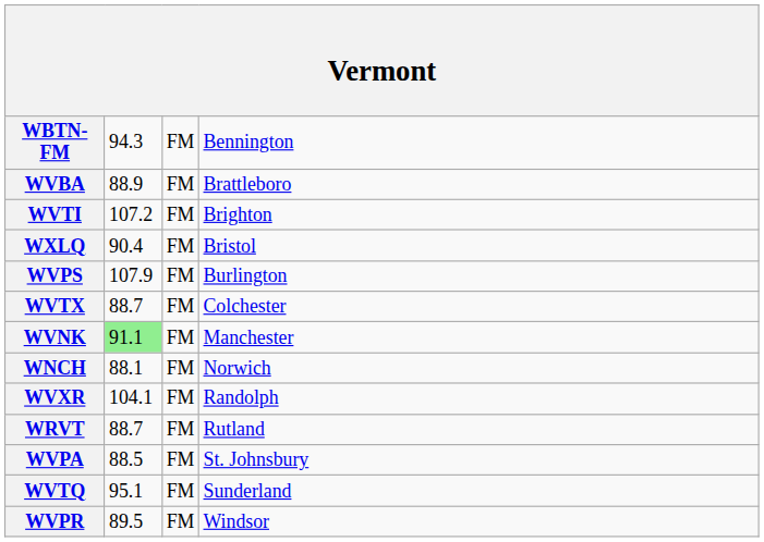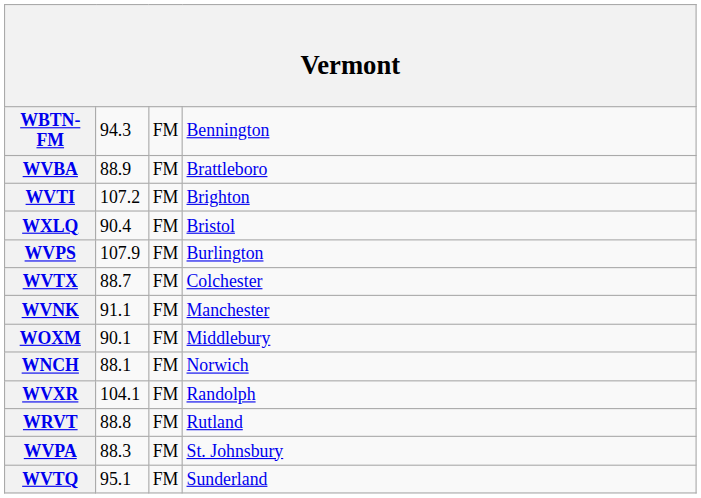 <table class="wikitable mw-collapsible" style="width:100%">
 <tr>
 <th scope="col" colspan="4"><br><h2>Vermont</h2></th>
 </tr>
 <tr>
 <th scope="row" style="width: 75px;"><a href='#'>WBTN-FM</a></th>
 <td style="width: 40px;">94.3</td>
 <td style="width: 21px;">FM</td>
 <td><a href='#'>Bennington</a></td>
 </tr>
 <tr>
 <th scope="row"><a href='#'>WVBA</a></th>
 <td>88.9</td>
 <td>FM</td>
 <td><a href='#'>Brattleboro</a></td>
 </tr>
 <tr>
 <th scope="row"><a href='#'>WVTI</a></th>
 <td>107.2</td>
 <td>FM</td>
 <td><a href='#'>Brighton</a></td>
 </tr>
 <tr>
 <th scope="row"><a href='#'>WXLQ</a></th>
 <td>90.4</td>
 <td>FM</td>
 <td><a href='#'>Bristol</a></td>
 </tr>
 <tr>
 <th scope="row"><a href='#'>WVPS</a></th>
 <td>107.9</td>
 <td>FM</td>
 <td><a href='#'>Burlington</a></td>
 </tr>
 <tr>
 <th scope="row"><a href='#'>WVTX</a></th>
 <td>88.7</td>
 <td>FM</td>
 <td><a href='#'>Colchester</a></td>
 </tr>
 <tr>
 <th scope="row"><a href='#'>WVNK</a></th>
-<td style="background: lightgreen;">91.1</td>
+<td>91.1</td>
 <td>FM</td>
 <td><a href='#'>Manchester</a></td>
+</tr>
+<tr>
+<th scope="row"><a href='#'>WOXM</a></th>
+<td>90.1</td>
+<td>FM</td>
+<td><a href='#'>Middlebury</a></td>
 </tr>
 <tr>
 <th scope="row"><a href='#'>WNCH</a></th>
 <td>88.1</td>
 <td>FM</td>
 <td><a href='#'>Norwich</a></td>
 </tr>
 <tr>
 <th scope="row"><a href='#'>WVXR</a></th>
 <td>104.1</td>
 <td>FM</td>
 <td><a href='#'>Randolph</a></td>
 </tr>
 <tr>
 <th scope="row"><a href='#'>WRVT</a></th>
-<td>88.7</td>
+<td>88.8</td>
 <td>FM</td>
 <td><a href='#'>Rutland</a></td>
 </tr>
 <tr>
 <th scope="row"><a href='#'>WVPA</a></th>
-<td>88.5</td>
+<td>88.3</td>
 <td>FM</td>
 <td><a href='#'>St. Johnsbury</a></td>
 </tr>
 <tr>
 <th scope="row"><a href='#'>WVTQ</a></th>
 <td>95.1</td>
 <td>FM</td>
 <td><a href='#'>Sunderland</a></td>
 </tr>
-<tr>
-<th scope="row"><a href='#'>WVPR</a></th>
-<td>89.5</td>
-<td>FM</td>
-<td><a href='#'>Windsor</a></td>
-</tr>
 </table>
